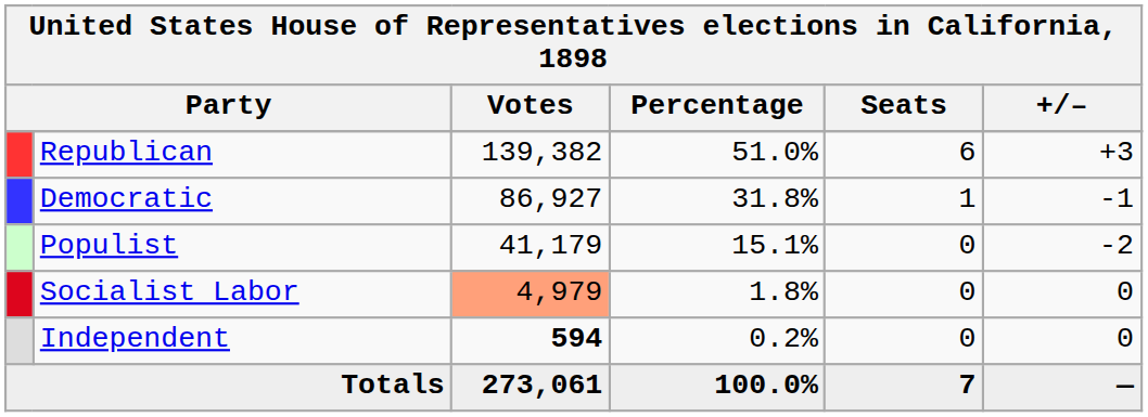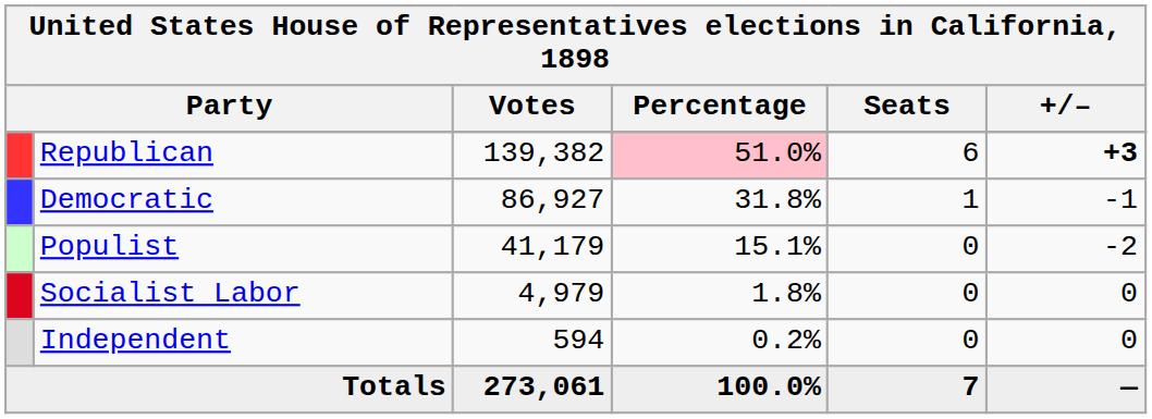 <table class="wikitable" style="font-size: 95%;">
 <tr>
 <th colspan="6">United States House of Representatives elections in California, 1898</th>
 </tr>
 <tr>
 <th colspan=2 style="width: 15em">Party</th>
 <th style="width: 5em">Votes</th>
 <th style="width: 7em">Percentage</th>
 <th style="width: 5em">Seats</th>
 <th style="width: 5em">+/–</th>
 </tr>
 <tr>
 </tr>
 <tr>
 <th style="background-color:#FF3333; width: 3px"></th>
 <td style="width: 130px"><a href='#'>Republican</a></td>
 <td style="text-align:right;">139,382</td>
-<td style="text-align:right;">51.0%</td>
+<td style="background: pink; text-align:right;">51.0%</td>
 <td style="text-align:right;">6</td>
-<td style="text-align:right;">+3</td>
+<td style="text-align:right;"><strong>+3</strong></td>
 </tr>
 <tr>
 <th style="background-color:#3333FF; width: 3px"></th>
 <td style="width: 130px"><a href='#'>Democratic</a></td>
 <td style="text-align:right;">86,927</td>
 <td style="text-align:right;">31.8%</td>
 <td style="text-align:right;">1</td>
 <td style="text-align:right;">-1</td>
 </tr>
 <tr>
 <th style="background-color:#CCFFCC; width: 3px"></th>
 <td style="width: 130px"><a href='#'>Populist</a></td>
 <td style="text-align:right;">41,179</td>
 <td style="text-align:right;">15.1%</td>
 <td style="text-align:right;">0</td>
 <td style="text-align:right;">-2</td>
 </tr>
 <tr>
 <th style="background-color:#DD051D; width: 3px"></th>
 <td style="width: 130px"><a href='#'>Socialist Labor</a></td>
-<td style="background: lightsalmon; text-align:right;">4,979</td>
+<td style="text-align:right;">4,979</td>
 <td style="text-align:right;">1.8%</td>
 <td style="text-align:right;">0</td>
 <td style="text-align:right;">0</td>
 </tr>
 <tr>
 <th style="background-color:#DDDDDD; width: 3px"></th>
 <td style="width: 130px"><a href='#'>Independent</a></td>
-<td style="text-align:right;"><strong>594</strong></td>
+<td style="text-align:right;">594</td>
 <td style="text-align:right;">0.2%</td>
 <td style="text-align:right;">0</td>
 <td style="text-align:right;">0</td>
 </tr>
 <tr style="background-color:#EEEEEE;">
 <td colspan="2" align="right"><strong>Totals</strong></td>
 <td style="text-align:right;"><strong>273,061</strong></td>
 <td style="text-align:right;"><strong>100.0%</strong></td>
 <td style="text-align:right;"><strong>7</strong></td>
 <td style="text-align:right;"><strong>—</strong></td>
 </tr>
 </table>
